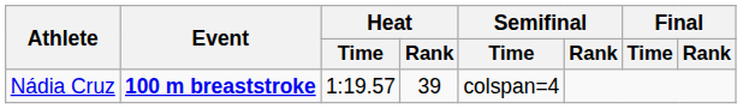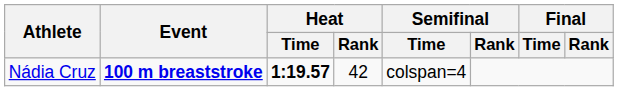 <table class=wikitable style=font-size:90%;text-align:center>
 <tr>
 <th rowspan=2>Athlete</th>
 <th rowspan=2>Event</th>
 <th colspan=2>Heat</th>
 <th colspan=2>Semifinal</th>
 <th colspan=2>Final</th>
 </tr>
 <tr style=font-size:95%>
 <th>Time</th>
 <th>Rank</th>
 <th>Time</th>
 <th>Rank</th>
 <th>Time</th>
 <th>Rank</th>
 </tr>
 <tr>
 <td align=left><a href='#'>Nádia Cruz</a></td>
 <td align=left><strong><a href='#'>100 m breaststroke</a></strong></td>
-<td>1:19.57</td>
-<td>39</td>
+<td><strong>1:19.57</strong></td>
+<td>42</td>
 <td>colspan=4 </td>
 </tr>
 </table>
